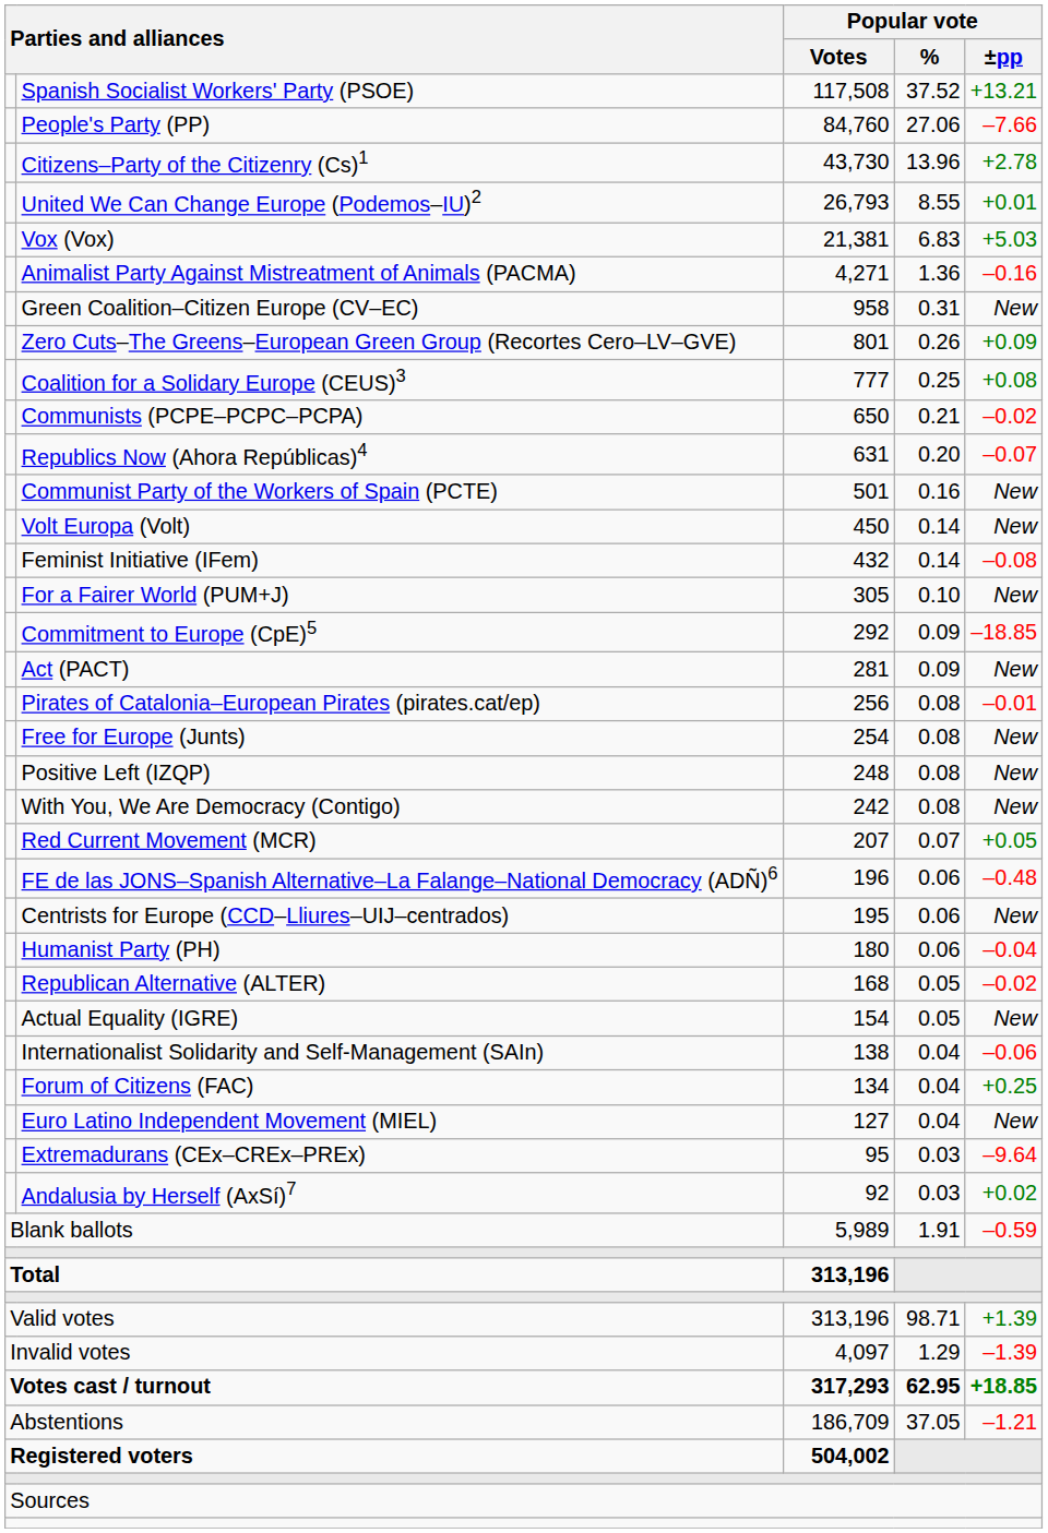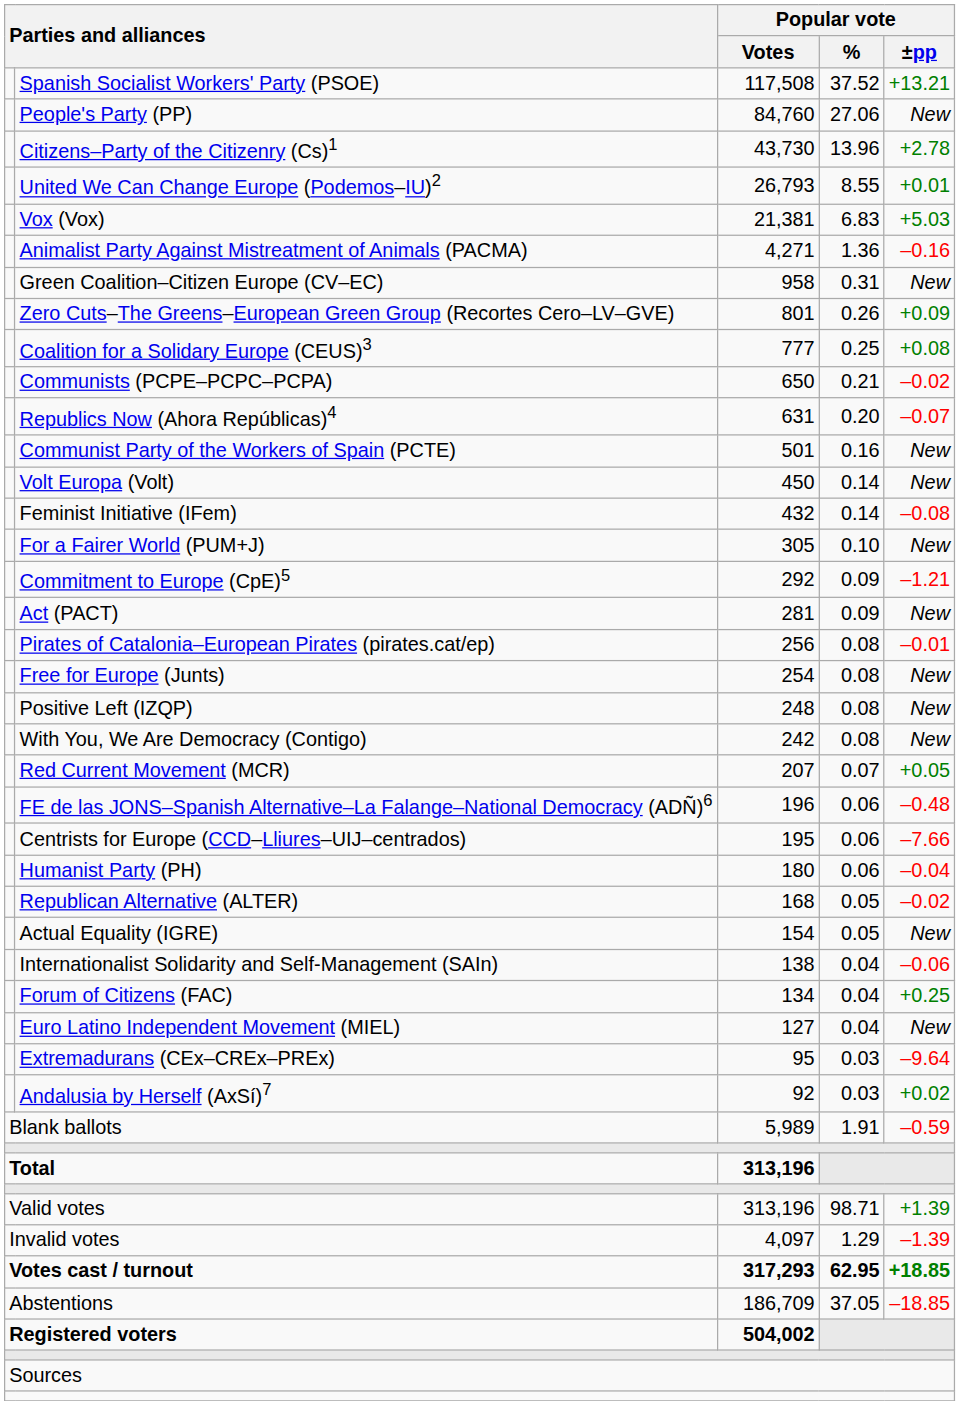 <table class="wikitable" style="text-align:right;">
 <tr>
 <th style="text-align:left;" rowspan="2" colspan="2" width="525">Parties and alliances</th>
 <th colspan="3">Popular vote</th>
 </tr>
 <tr>
 <th width="75">Votes</th>
 <th width="45">%</th>
 <th width="45">±<a href='#'>pp</a></th>
 </tr>
 <tr>
 <td width="1" style="color:inherit;background:"></td>
 <td align="left"><a href='#'>Spanish Socialist Workers' Party</a> (PSOE)</td>
 <td>117,508</td>
 <td>37.52</td>
 <td style="color:green;">+13.21</td>
 </tr>
 <tr>
 <td style="color:inherit;background:"></td>
 <td align="left"><a href='#'>People's Party</a> (PP)</td>
 <td>84,760</td>
 <td>27.06</td>
-<td style="color:red;">–7.66</td>
+<td><em>New</em></td>
 </tr>
 <tr>
 <td style="color:inherit;background:"></td>
 <td align="left"><a href='#'>Citizens–Party of the Citizenry</a> (Cs)<sup>1</sup></td>
 <td>43,730</td>
 <td>13.96</td>
 <td style="color:green;">+2.78</td>
 </tr>
 <tr>
 <td style="color:inherit;background:"></td>
 <td align="left"><a href='#'>United We Can Change Europe</a> (<a href='#'>Podemos</a>–<a href='#'>IU</a>)<sup>2</sup></td>
 <td>26,793</td>
 <td>8.55</td>
 <td style="color:green;">+0.01</td>
 </tr>
 <tr>
 <td style="color:inherit;background:"></td>
 <td align="left"><a href='#'>Vox</a> (Vox)</td>
 <td>21,381</td>
 <td>6.83</td>
 <td style="color:green;">+5.03</td>
 </tr>
 <tr>
 <td style="color:inherit;background:"></td>
 <td align="left"><a href='#'>Animalist Party Against Mistreatment of Animals</a> (PACMA)</td>
 <td>4,271</td>
 <td>1.36</td>
 <td style="color:red;">–0.16</td>
 </tr>
 <tr>
 <td style="color:inherit;background:"></td>
 <td align="left">Green Coalition–Citizen Europe (CV–EC)</td>
 <td>958</td>
 <td>0.31</td>
 <td><em>New</em></td>
 </tr>
 <tr>
 <td style="color:inherit;background:"></td>
 <td align="left"><a href='#'>Zero Cuts</a>–<a href='#'>The Greens</a>–<a href='#'>European Green Group</a> (Recortes Cero–LV–GVE)</td>
 <td>801</td>
 <td>0.26</td>
 <td style="color:green;">+0.09</td>
 </tr>
 <tr>
 <td style="color:inherit;background:"></td>
 <td align="left"><a href='#'>Coalition for a Solidary Europe</a> (CEUS)<sup>3</sup></td>
 <td>777</td>
 <td>0.25</td>
 <td style="color:green;">+0.08</td>
 </tr>
 <tr>
 <td style="color:inherit;background:"></td>
 <td align="left"><a href='#'>Communists</a> (PCPE–PCPC–PCPA)</td>
 <td>650</td>
 <td>0.21</td>
 <td style="color:red;">–0.02</td>
 </tr>
 <tr>
 <td style="color:inherit;background:"></td>
 <td align="left"><a href='#'>Republics Now</a> (Ahora Repúblicas)<sup>4</sup></td>
 <td>631</td>
 <td>0.20</td>
 <td style="color:red;">–0.07</td>
 </tr>
 <tr>
 <td style="color:inherit;background:"></td>
 <td align="left"><a href='#'>Communist Party of the Workers of Spain</a> (PCTE)</td>
 <td>501</td>
 <td>0.16</td>
 <td><em>New</em></td>
 </tr>
 <tr>
 <td style="color:inherit;background:"></td>
 <td align="left"><a href='#'>Volt Europa</a> (Volt)</td>
 <td>450</td>
 <td>0.14</td>
 <td><em>New</em></td>
 </tr>
 <tr>
 <td style="color:inherit;background:"></td>
 <td align="left">Feminist Initiative (IFem)</td>
 <td>432</td>
 <td>0.14</td>
 <td style="color:red;">–0.08</td>
 </tr>
 <tr>
 <td style="color:inherit;background:"></td>
 <td align="left"><a href='#'>For a Fairer World</a> (PUM+J)</td>
 <td>305</td>
 <td>0.10</td>
 <td><em>New</em></td>
 </tr>
 <tr>
 <td style="color:inherit;background:"></td>
 <td align="left"><a href='#'>Commitment to Europe</a> (CpE)<sup>5</sup></td>
 <td>292</td>
 <td>0.09</td>
-<td style="color:red;">–18.85</td>
+<td style="color:red;">–1.21</td>
 </tr>
 <tr>
 <td style="color:inherit;background:"></td>
 <td align="left"><a href='#'>Act</a> (PACT)</td>
 <td>281</td>
 <td>0.09</td>
 <td><em>New</em></td>
 </tr>
 <tr>
 <td style="color:inherit;background:"></td>
 <td align="left"><a href='#'>Pirates of Catalonia–European Pirates</a> (pirates.cat/ep)</td>
 <td>256</td>
 <td>0.08</td>
 <td style="color:red;">–0.01</td>
 </tr>
 <tr>
 <td style="color:inherit;background:"></td>
 <td align="left"><a href='#'>Free for Europe</a> (Junts)</td>
 <td>254</td>
 <td>0.08</td>
 <td><em>New</em></td>
 </tr>
 <tr>
 <td style="color:inherit;background:"></td>
 <td align="left">Positive Left (IZQP)</td>
 <td>248</td>
 <td>0.08</td>
 <td><em>New</em></td>
 </tr>
 <tr>
 <td style="color:inherit;background:"></td>
 <td align="left">With You, We Are Democracy (Contigo)</td>
 <td>242</td>
 <td>0.08</td>
 <td><em>New</em></td>
 </tr>
 <tr>
 <td style="color:inherit;background:"></td>
 <td align="left"><a href='#'>Red Current Movement</a> (MCR)</td>
 <td>207</td>
 <td>0.07</td>
 <td style="color:green;">+0.05</td>
 </tr>
 <tr>
 <td style="color:inherit;background:"></td>
 <td align="left"><a href='#'>FE de las JONS–Spanish Alternative–La Falange–National Democracy</a> (ADÑ)<sup>6</sup></td>
 <td>196</td>
 <td>0.06</td>
 <td style="color:red;">–0.48</td>
 </tr>
 <tr>
 <td style="color:inherit;background:"></td>
 <td align="left">Centrists for Europe (<a href='#'>CCD</a>–<a href='#'>Lliures</a>–UIJ–centrados)</td>
 <td>195</td>
 <td>0.06</td>
-<td><em>New</em></td>
+<td style="color:red;">–7.66</td>
 </tr>
 <tr>
 <td style="color:inherit;background:"></td>
 <td align="left"><a href='#'>Humanist Party</a> (PH)</td>
 <td>180</td>
 <td>0.06</td>
 <td style="color:red;">–0.04</td>
 </tr>
 <tr>
 <td style="color:inherit;background:"></td>
 <td align="left"><a href='#'>Republican Alternative</a> (ALTER)</td>
 <td>168</td>
 <td>0.05</td>
 <td style="color:red;">–0.02</td>
 </tr>
 <tr>
 <td style="color:inherit;background:"></td>
 <td align="left">Actual Equality (IGRE)</td>
 <td>154</td>
 <td>0.05</td>
 <td><em>New</em></td>
 </tr>
 <tr>
 <td style="color:inherit;background:"></td>
 <td align="left">Internationalist Solidarity and Self-Management (SAIn)</td>
 <td>138</td>
 <td>0.04</td>
 <td style="color:red;">–0.06</td>
 </tr>
 <tr>
 <td style="color:inherit;background:"></td>
 <td align="left"><a href='#'>Forum of Citizens</a> (FAC)</td>
 <td>134</td>
 <td>0.04</td>
 <td style="color:green;">+0.25</td>
 </tr>
 <tr>
 <td style="color:inherit;background:"></td>
 <td align="left"><a href='#'>Euro Latino Independent Movement</a> (MIEL)</td>
 <td>127</td>
 <td>0.04</td>
 <td><em>New</em></td>
 </tr>
 <tr>
 <td style="color:inherit;background:"></td>
 <td align="left"><a href='#'>Extremadurans</a> (CEx–CREx–PREx)</td>
 <td>95</td>
 <td>0.03</td>
 <td style="color:red;">–9.64</td>
 </tr>
 <tr>
 <td style="color:inherit;background:"></td>
 <td align="left"><a href='#'>Andalusia by Herself</a> (AxSí)<sup>7</sup></td>
 <td>92</td>
 <td>0.03</td>
 <td style="color:green;">+0.02</td>
 </tr>
 <tr>
 <td align="left" colspan="2">Blank ballots</td>
 <td>5,989</td>
 <td>1.91</td>
 <td style="color:red;">–0.59</td>
 </tr>
 <tr>
 <td colspan="5" bgcolor="#E9E9E9"></td>
 </tr>
 <tr style="font-weight:bold;">
 <td align="left" colspan="2">Total</td>
 <td>313,196</td>
 <td bgcolor="#E9E9E9" colspan="2"></td>
 </tr>
 <tr>
 <td colspan="5" bgcolor="#E9E9E9"></td>
 </tr>
 <tr>
 <td align="left" colspan="2">Valid votes</td>
 <td>313,196</td>
 <td>98.71</td>
 <td style="color:green;">+1.39</td>
 </tr>
 <tr>
 <td align="left" colspan="2">Invalid votes</td>
 <td>4,097</td>
 <td>1.29</td>
 <td style="color:red;">–1.39</td>
 </tr>
 <tr style="font-weight:bold;">
 <td align="left" colspan="2">Votes cast / turnout</td>
 <td>317,293</td>
 <td>62.95</td>
 <td style="color:green;">+18.85</td>
 </tr>
 <tr>
 <td align="left" colspan="2">Abstentions</td>
 <td>186,709</td>
 <td>37.05</td>
-<td style="color:red;">–1.21</td>
+<td style="color:red;">–18.85</td>
 </tr>
 <tr style="font-weight:bold;">
 <td align="left" colspan="2">Registered voters</td>
 <td>504,002</td>
 <td bgcolor="#E9E9E9" colspan="2"></td>
 </tr>
 <tr>
 <td colspan="5" bgcolor="#E9E9E9"></td>
 </tr>
 <tr>
 <td align="left" colspan="5">Sources</td>
 </tr>
 <tr>
 <td colspan="5" style="text-align:left; max-width:680px;"></td>
 </tr>
 </table>
